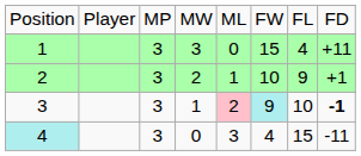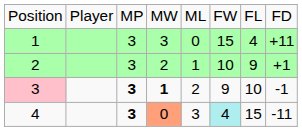 <table class="wikitable" style="text-align: center;">
 <tr>
 <td>Position</td>
 <td>Player</td>
 <td>MP</td>
 <td>MW</td>
 <td>ML</td>
 <td>FW</td>
 <td>FL</td>
 <td>FD</td>
 </tr>
 <tr style="background:#afa;">
 <td>1</td>
 <td style="text-align:left;"></td>
 <td>3</td>
 <td>3</td>
 <td>0</td>
 <td>15</td>
 <td>4</td>
 <td>+11</td>
 </tr>
 <tr style="background:#afa;">
 <td>2</td>
 <td style="text-align:left;"></td>
 <td>3</td>
 <td>2</td>
 <td>1</td>
 <td>10</td>
 <td>9</td>
 <td>+1</td>
 </tr>
 <tr>
-<td>3</td>
+<td style="background: pink;">3</td>
 <td style="text-align:left;"></td>
-<td>3</td>
-<td>1</td>
-<td style="background: pink;">2</td>
-<td style="background: paleturquoise;">9</td>
+<td><strong>3</strong></td>
+<td><strong>1</strong></td>
+<td>2</td>
+<td>9</td>
 <td>10</td>
-<td><strong>-1</strong></td>
+<td>-1</td>
 </tr>
 <tr>
+<td>4</td>
+<td style="text-align:left;"></td>
+<td><strong>3</strong></td>
+<td style="background: lightsalmon;">0</td>
+<td>3</td>
 <td style="background: paleturquoise;">4</td>
-<td style="text-align:left;"></td>
-<td>3</td>
-<td>0</td>
-<td>3</td>
-<td>4</td>
 <td>15</td>
 <td>-11</td>
 </tr>
 </table>
